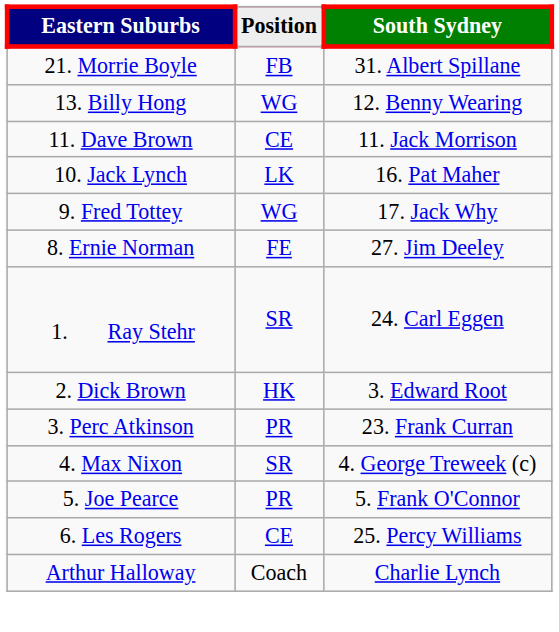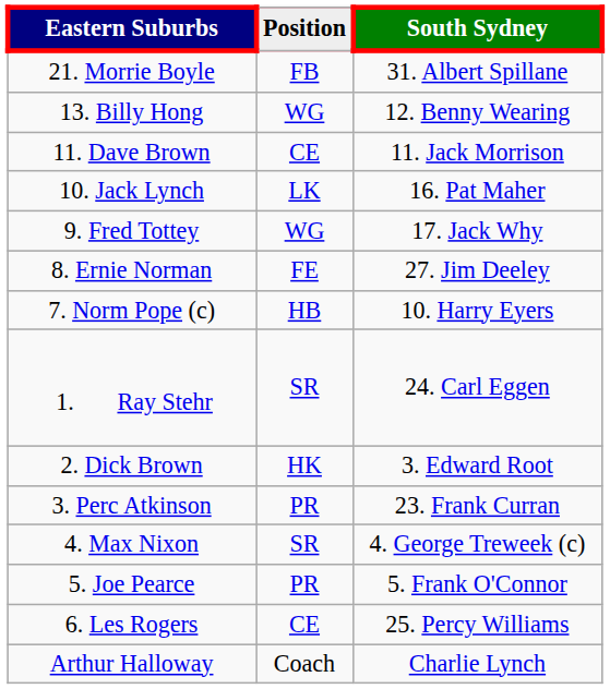 <table class="wikitable" style="float:right; font-size:90%; margin-left:1em;">
 <tr style="background:#f03;">
 <th style="width:140px; border:3px solid red; background: navy; color: white">Eastern Suburbs</th>
 <th style="width:40px; text-align:center; background:#eee; color:black;">Position</th>
 <th style="width:140px; border:3px solid red; background: green; color: white">South Sydney</th>
 </tr>
 <tr align=center>
 <td>21. <a href='#'>Morrie Boyle</a></td>
 <td><a href='#'>FB</a></td>
 <td>31. <a href='#'>Albert Spillane</a></td>
 </tr>
 <tr align=center>
 <td>13. <a href='#'>Billy Hong</a></td>
 <td><a href='#'>WG</a></td>
 <td>12. <a href='#'>Benny Wearing</a></td>
 </tr>
 <tr align=center>
 <td>11. <a href='#'>Dave Brown</a></td>
 <td><a href='#'>CE</a></td>
 <td>11. <a href='#'>Jack Morrison</a></td>
 </tr>
 <tr align=center>
 <td>10. <a href='#'>Jack Lynch</a></td>
 <td><a href='#'>LK</a></td>
 <td>16. <a href='#'>Pat Maher</a></td>
 </tr>
 <tr align=center>
 <td>9. <a href='#'>Fred Tottey</a></td>
 <td><a href='#'>WG</a></td>
 <td>17. <a href='#'>Jack Why</a></td>
 </tr>
 <tr align=center>
 <td>8. <a href='#'>Ernie Norman</a></td>
 <td><a href='#'>FE</a></td>
 <td>27. <a href='#'>Jim Deeley</a></td>
 </tr>
 <tr align=center>
+<td>7. <a href='#'>Norm Pope</a> (c)</td>
+<td><a href='#'>HB</a></td>
+<td>10. <a href='#'>Harry Eyers</a></td>
+</tr>
+<tr align=center>
 <td><br><ol><li><a href='#'>Ray Stehr</a></li></ol></td>
 <td><a href='#'>SR</a></td>
 <td>24. <a href='#'>Carl Eggen</a></td>
 </tr>
 <tr align=center>
 <td>2. <a href='#'>Dick Brown</a></td>
 <td><a href='#'>HK</a></td>
 <td>3. <a href='#'>Edward Root</a></td>
 </tr>
 <tr align=center>
 <td>3. <a href='#'>Perc Atkinson</a></td>
 <td><a href='#'>PR</a></td>
 <td>23. <a href='#'>Frank Curran</a></td>
 </tr>
 <tr align=center>
 <td>4. <a href='#'>Max Nixon</a></td>
 <td><a href='#'>SR</a></td>
 <td>4. <a href='#'>George Treweek</a> (c)</td>
 </tr>
 <tr align=center>
 <td>5. <a href='#'>Joe Pearce</a></td>
 <td><a href='#'>PR</a></td>
 <td>5. <a href='#'>Frank O'Connor</a></td>
 </tr>
 <tr align=center>
 <td>6. <a href='#'>Les Rogers</a></td>
 <td><a href='#'>CE</a></td>
 <td>25. <a href='#'>Percy Williams</a></td>
 </tr>
 <tr align=center>
 <td><a href='#'>Arthur Halloway</a></td>
 <td>Coach</td>
 <td><a href='#'>Charlie Lynch</a></td>
 </tr>
 </table>
